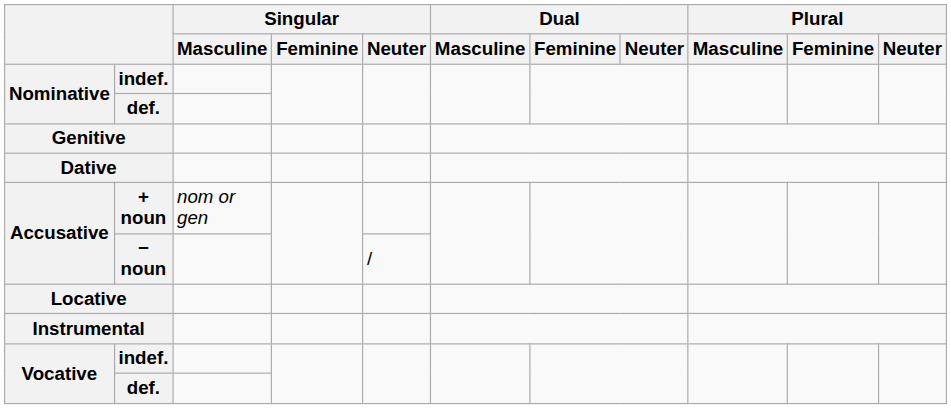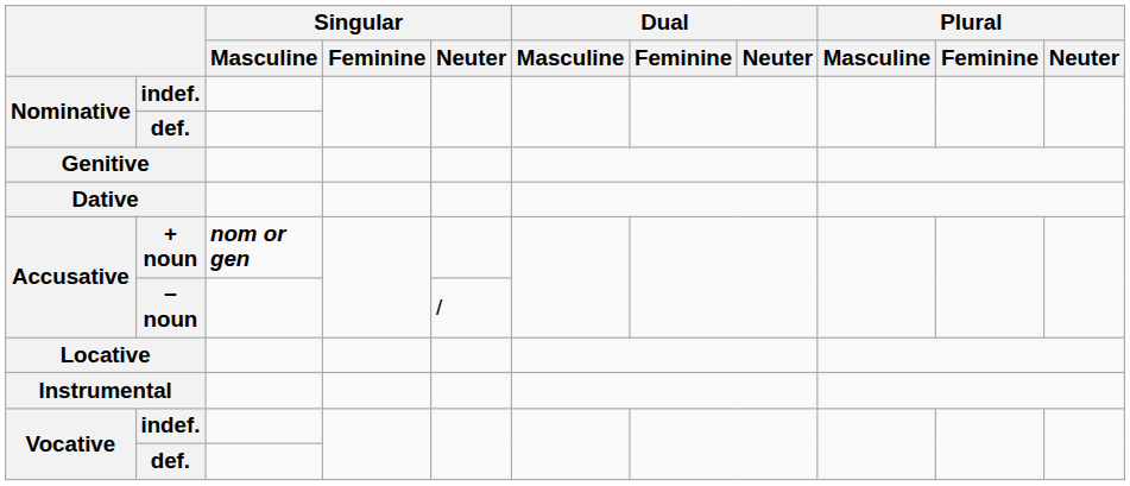 <table class="wikitable">
 <tr>
 <th colspan="2" rowspan="2"></th>
 <th colspan="3">Singular</th>
 <th colspan="3">Dual</th>
 <th colspan="3">Plural</th>
 </tr>
 <tr>
 <th>Masculine</th>
 <th>Feminine</th>
 <th>Neuter</th>
 <th>Masculine</th>
 <th>Feminine</th>
 <th>Neuter</th>
 <th>Masculine</th>
 <th>Feminine</th>
 <th>Neuter</th>
 </tr>
 <tr>
 <th rowspan="2">Nominative</th>
 <th>indef.</th>
 <td></td>
 <td rowspan="2"></td>
 <td rowspan="2"></td>
 <td rowspan="2"></td>
 <td colspan="2" rowspan="2"></td>
 <td rowspan="2"></td>
 <td rowspan="2"></td>
 <td rowspan="2"></td>
 </tr>
 <tr>
 <th>def.</th>
 <td></td>
 </tr>
 <tr>
 <th colspan="2">Genitive</th>
 <td></td>
 <td></td>
 <td></td>
 <td colspan="3"></td>
 <td colspan="3"></td>
 </tr>
 <tr>
 <th colspan="2">Dative</th>
 <td></td>
 <td></td>
 <td></td>
 <td colspan="3"></td>
 <td colspan="3"></td>
 </tr>
 <tr>
 <th rowspan="2">Accusative</th>
 <th>+ noun</th>
-<td><em>nom or gen</em></td>
+<td><strong><em>nom or gen</em></strong></td>
 <td rowspan="2"></td>
 <td></td>
 <td rowspan="2"></td>
 <td colspan="2" rowspan="2"></td>
 <td rowspan="2"></td>
 <td rowspan="2"></td>
 <td rowspan="2"></td>
 </tr>
 <tr>
 <th>− noun</th>
 <td></td>
 <td> /<br></td>
 </tr>
 <tr>
 <th colspan="2">Locative</th>
 <td></td>
 <td></td>
 <td></td>
 <td colspan="3"></td>
 <td colspan="3"></td>
 </tr>
 <tr>
 <th colspan="2">Instrumental</th>
 <td></td>
 <td></td>
 <td></td>
 <td colspan="3"></td>
 <td colspan="3"></td>
 </tr>
 <tr>
 <th rowspan="2">Vocative</th>
 <th>indef.</th>
 <td></td>
 <td rowspan="2"></td>
 <td rowspan="2"></td>
 <td rowspan="2"></td>
 <td colspan="2" rowspan="2"></td>
 <td rowspan="2"></td>
 <td rowspan="2"></td>
 <td rowspan="2"></td>
 </tr>
 <tr>
 <th>def.</th>
 <td></td>
 </tr>
 </table>
